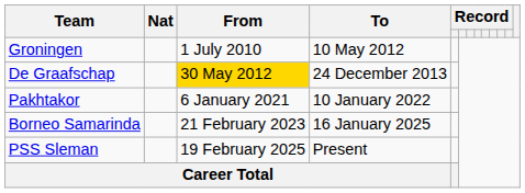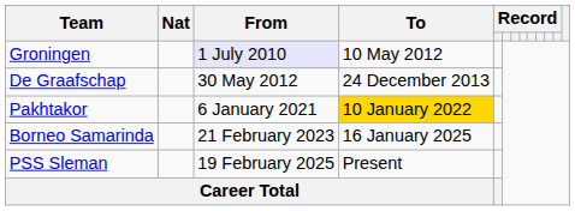 <table class="wikitable" style="text-align: center">
 <tr>
 <th rowspan="2">Team</th>
 <th rowspan="2">Nat</th>
 <th rowspan="2">From</th>
 <th rowspan="2">To</th>
 <th colspan="8">Record</th>
 <th rowspan="2"></th>
 </tr>
 <tr>
 <th></th>
 <th></th>
 <th></th>
 <th></th>
 <th></th>
 <th></th>
 <th></th>
 <th></th>
 </tr>
 <tr>
 <td align=left><a href='#'>Groningen</a></td>
 <td></td>
-<td align=left>1 July 2010</td>
+<td align=left style="background: lavender;">1 July 2010</td>
 <td align=left>10 May 2012<br></td>
 <td></td>
 </tr>
 <tr>
 <td align=left><a href='#'>De Graafschap</a></td>
 <td></td>
-<td align=left style="background: gold;">30 May 2012</td>
+<td align=left>30 May 2012</td>
 <td align=left>24 December 2013<br></td>
 <td></td>
 </tr>
 <tr>
 <td align=left><a href='#'>Pakhtakor</a></td>
 <td></td>
 <td align=left>6 January 2021</td>
-<td align=left>10 January 2022<br></td>
+<td align=left style="background: gold;">10 January 2022<br></td>
 <td></td>
 </tr>
 <tr>
 <td align=left><a href='#'>Borneo Samarinda</a></td>
 <td></td>
 <td align=left>21 February 2023</td>
 <td align=left>16 January 2025<br></td>
 <td></td>
 </tr>
 <tr>
 <td align=left><a href='#'>PSS Sleman</a></td>
 <td></td>
 <td align=left>19 February 2025</td>
 <td align=left>Present<br></td>
 <td></td>
 </tr>
 <tr>
 <th colspan="4">Career Total<br></th>
 <th></th>
 </tr>
 </table>
